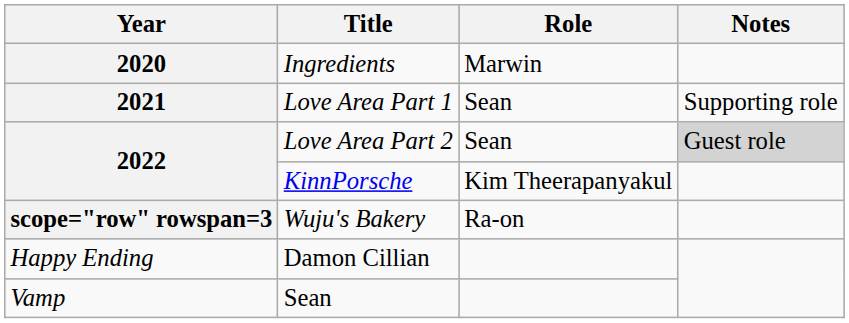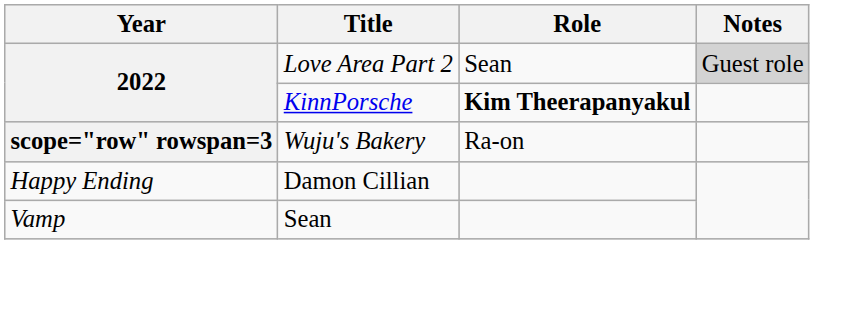 <table class="wikitable sortable plainrowheaders">
 <tr>
 <th scope="col">Year</th>
 <th scope="col">Title</th>
 <th scope="col">Role</th>
 <th scope="col">Notes</th>
-</tr>
-<tr>
-<th scope="row">2020</th>
-<td><em>Ingredients</em></td>
-<td>Marwin</td>
-<td></td>
-</tr>
-<tr>
-<th scope="row">2021</th>
-<td><em>Love Area Part 1</em></td>
-<td>Sean</td>
-<td>Supporting role</td>
 </tr>
 <tr>
 <th scope="row" rowspan="2">2022</th>
 <td><em>Love Area Part 2</em></td>
 <td>Sean</td>
 <td style="background: lightgrey;">Guest role</td>
 </tr>
 <tr>
 <td><em><a href='#'>KinnPorsche</a></em></td>
-<td>Kim Theerapanyakul</td>
+<td><strong>Kim Theerapanyakul</strong></td>
 <td></td>
 </tr>
 <tr>
 <th>scope="row" rowspan=3 </th>
 <td><em>Wuju's Bakery</em></td>
 <td>Ra-on</td>
 <td></td>
 </tr>
 <tr>
 <td><em>Happy Ending</em></td>
 <td>Damon Cillian</td>
 <td></td>
 </tr>
 <tr>
 <td><em>Vamp</em></td>
 <td>Sean</td>
 <td></td>
 </tr>
 </table>
